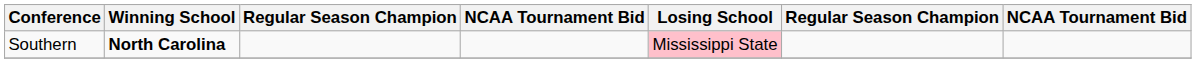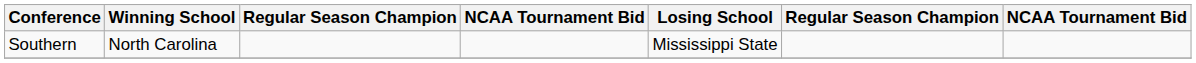 <table class="wikitable">
 <tr>
 <th>Conference</th>
 <th>Winning School</th>
 <th>Regular Season Champion</th>
 <th>NCAA Tournament Bid</th>
 <th>Losing School</th>
 <th>Regular Season Champion</th>
 <th>NCAA Tournament Bid</th>
 </tr>
 <tr>
 <td>Southern</td>
-<td><strong>North Carolina</strong></td>
+<td>North Carolina</td>
 <td></td>
 <td></td>
-<td style="background: pink;">Mississippi State</td>
+<td>Mississippi State</td>
 <td></td>
 <td></td>
 </tr>
 <tr>
 </tr>
 </table>
